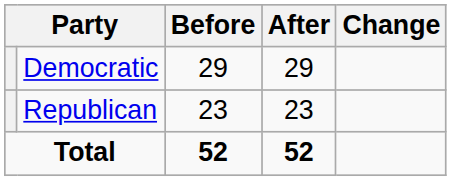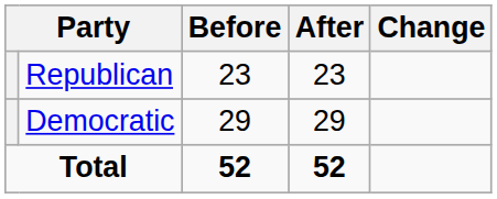 <table class="wikitable" style="text-align:center;">
 <tr>
 <th colspan="2">Party</th>
 <th>Before</th>
 <th>After</th>
 <th>Change</th>
 </tr>
 <tr>
 <th style="background-color:"></th>
-<td style="text-align:left;"><a href='#'>Democratic</a></td>
-<td>29</td>
-<td>29</td>
+<td style="text-align:left;"><a href='#'>Republican</a></td>
+<td>23</td>
+<td>23</td>
 <td></td>
 </tr>
 <tr>
 <th style="background-color:"></th>
-<td style="text-align:left;"><a href='#'>Republican</a></td>
-<td>23</td>
-<td>23</td>
+<td style="text-align:left;"><a href='#'>Democratic</a></td>
+<td>29</td>
+<td>29</td>
 <td></td>
 </tr>
 <tr>
 <td colspan="2"><strong>Total</strong></td>
 <td><strong>52</strong></td>
 <td><strong>52</strong></td>
 </tr>
 </table>
